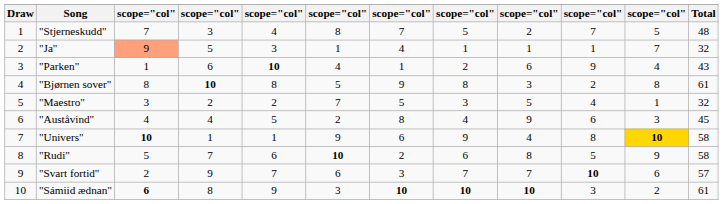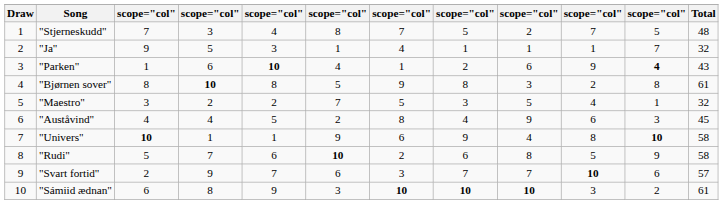 <table class="wikitable plainrowheaders" style="margin: 1em auto 1em auto; text-align:center;">
 <tr>
 </tr>
 <tr>
 <th scope="col">Draw</th>
 <th scope="col">Song</th>
 <th>scope="col" </th>
 <th>scope="col" </th>
 <th>scope="col" </th>
 <th>scope="col" </th>
 <th>scope="col" </th>
 <th>scope="col" </th>
 <th>scope="col" </th>
 <th>scope="col" </th>
 <th>scope="col" </th>
 <th scope="col">Total</th>
 </tr>
 <tr>
 <td>1</td>
 <td align="left">"Stjerneskudd"</td>
 <td>7</td>
 <td>3</td>
 <td>4</td>
 <td>8</td>
 <td>7</td>
 <td>5</td>
 <td>2</td>
 <td>7</td>
 <td>5</td>
 <td>48</td>
 </tr>
 <tr>
 <td>2</td>
 <td align="left">"Ja"</td>
-<td style="background: lightsalmon;">9</td>
+<td>9</td>
 <td>5</td>
 <td>3</td>
 <td>1</td>
 <td>4</td>
 <td>1</td>
 <td>1</td>
 <td>1</td>
 <td>7</td>
 <td>32</td>
 </tr>
 <tr>
 <td>3</td>
 <td align="left">"Parken"</td>
 <td>1</td>
 <td>6</td>
 <td><strong>10</strong></td>
 <td>4</td>
 <td>1</td>
 <td>2</td>
 <td>6</td>
 <td>9</td>
-<td>4</td>
+<td><strong>4</strong></td>
 <td>43</td>
 </tr>
 <tr>
 <td>4</td>
 <td align="left">"Bjørnen sover"</td>
 <td>8</td>
 <td><strong>10</strong></td>
 <td>8</td>
 <td>5</td>
 <td>9</td>
 <td>8</td>
 <td>3</td>
 <td>2</td>
 <td>8</td>
 <td>61</td>
 </tr>
 <tr>
 <td>5</td>
 <td align="left">"Maestro"</td>
 <td>3</td>
 <td>2</td>
 <td>2</td>
 <td>7</td>
 <td>5</td>
 <td>3</td>
 <td>5</td>
 <td>4</td>
 <td>1</td>
 <td>32</td>
 </tr>
 <tr>
 <td>6</td>
 <td align="left">"Auståvind"</td>
 <td>4</td>
 <td>4</td>
 <td>5</td>
 <td>2</td>
 <td>8</td>
 <td>4</td>
 <td>9</td>
 <td>6</td>
 <td>3</td>
 <td>45</td>
 </tr>
 <tr>
 <td>7</td>
 <td align="left">"Univers"</td>
 <td><strong>10</strong></td>
 <td>1</td>
 <td>1</td>
 <td>9</td>
 <td>6</td>
 <td>9</td>
 <td>4</td>
 <td>8</td>
-<td style="background: gold;"><strong>10</strong></td>
+<td><strong>10</strong></td>
 <td>58</td>
 </tr>
 <tr>
 <td>8</td>
 <td align="left">"Rudi"</td>
 <td>5</td>
 <td>7</td>
 <td>6</td>
 <td><strong>10</strong></td>
 <td>2</td>
 <td>6</td>
 <td>8</td>
 <td>5</td>
 <td>9</td>
 <td>58</td>
 </tr>
 <tr>
 <td>9</td>
 <td align="left">"Svart fortid"</td>
 <td>2</td>
 <td>9</td>
 <td>7</td>
 <td>6</td>
 <td>3</td>
 <td>7</td>
 <td>7</td>
 <td><strong>10</strong></td>
 <td>6</td>
 <td>57</td>
 </tr>
 <tr>
 <td>10</td>
 <td align="left">"Sámiid ædnan"</td>
-<td><strong>6</strong></td>
+<td>6</td>
 <td>8</td>
 <td>9</td>
 <td>3</td>
 <td><strong>10</strong></td>
 <td><strong>10</strong></td>
 <td><strong>10</strong></td>
 <td>3</td>
 <td>2</td>
 <td>61</td>
 </tr>
 </table>
